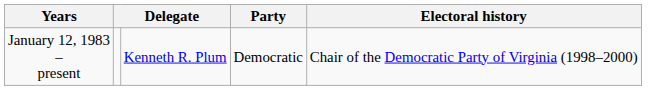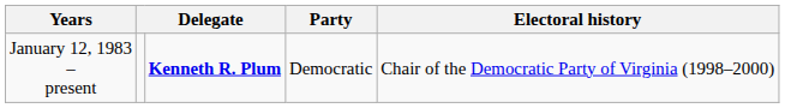 <table class=wikitable style="text-align:center">
 <tr valign=bottom>
 <th>Years</th>
 <th colspan=2>Delegate</th>
 <th>Party</th>
 <th>Electoral history</th>
 </tr>
 <tr>
 <td nowrap><span>January 12, 1983</span><br>–<br><span>present</span></td>
 <td align=left></td>
-<td><a href='#'>Kenneth R. Plum</a></td>
+<td><strong><a href='#'>Kenneth R. Plum</a></strong></td>
 <td>Democratic</td>
 <td>Chair of the <a href='#'>Democratic Party of Virginia</a> (1998–2000)</td>
 </tr>
 </table>
